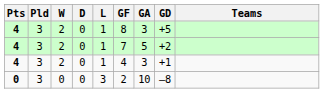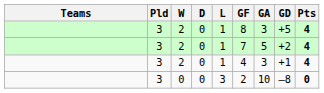 <table class="wikitable" style="text-align:center">
 <tr>
-<th width="20">Pts</th>
+<th width="175">Teams</th>
 <th width="20">Pld</th>
 <th width="20">W</th>
 <th width="20">D</th>
 <th width="20">L</th>
 <th width="20">GF</th>
 <th width="20">GA</th>
 <th width="20">GD</th>
-<th width="175">Teams</th>
+<th width="20">Pts</th>
 </tr>
 <tr style="background:#ccffcc">
-<td><strong>4</strong></td>
+<td style="text-align:left"></td>
 <td>3</td>
 <td>2</td>
 <td>0</td>
 <td>1</td>
 <td>8</td>
 <td>3</td>
 <td>+5</td>
-<td style="text-align:left"></td>
+<td><strong>4</strong></td>
 </tr>
 <tr style="background:#ccffcc">
-<td><strong>4</strong></td>
+<td style="text-align:left"></td>
 <td>3</td>
 <td>2</td>
 <td>0</td>
 <td>1</td>
 <td>7</td>
 <td>5</td>
 <td>+2</td>
-<td style="text-align:left"></td>
+<td><strong>4</strong></td>
 </tr>
 <tr>
-<td><strong>4</strong></td>
+<td style="text-align:left"></td>
 <td>3</td>
 <td>2</td>
 <td>0</td>
 <td>1</td>
 <td>4</td>
 <td>3</td>
 <td>+1</td>
-<td style="text-align:left"></td>
+<td><strong>4</strong></td>
 </tr>
 <tr>
-<td><strong>0</strong></td>
+<td style="text-align:left"></td>
 <td>3</td>
 <td>0</td>
 <td>0</td>
 <td>3</td>
 <td>2</td>
 <td>10</td>
 <td>–8</td>
-<td style="text-align:left"></td>
+<td><strong>0</strong></td>
 </tr>
 </table>
